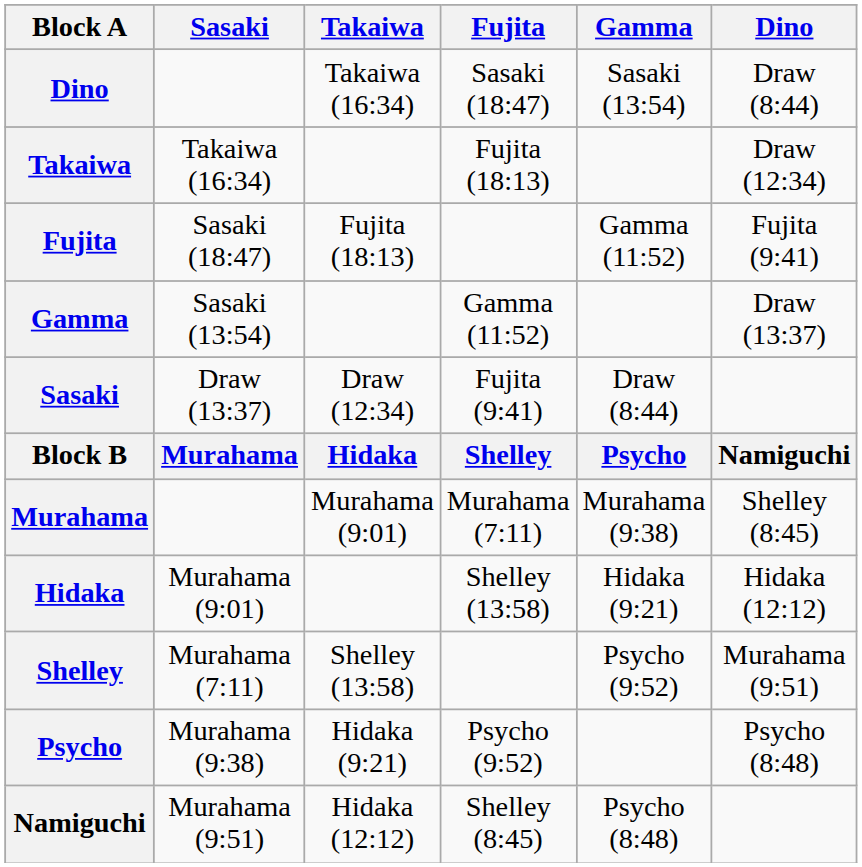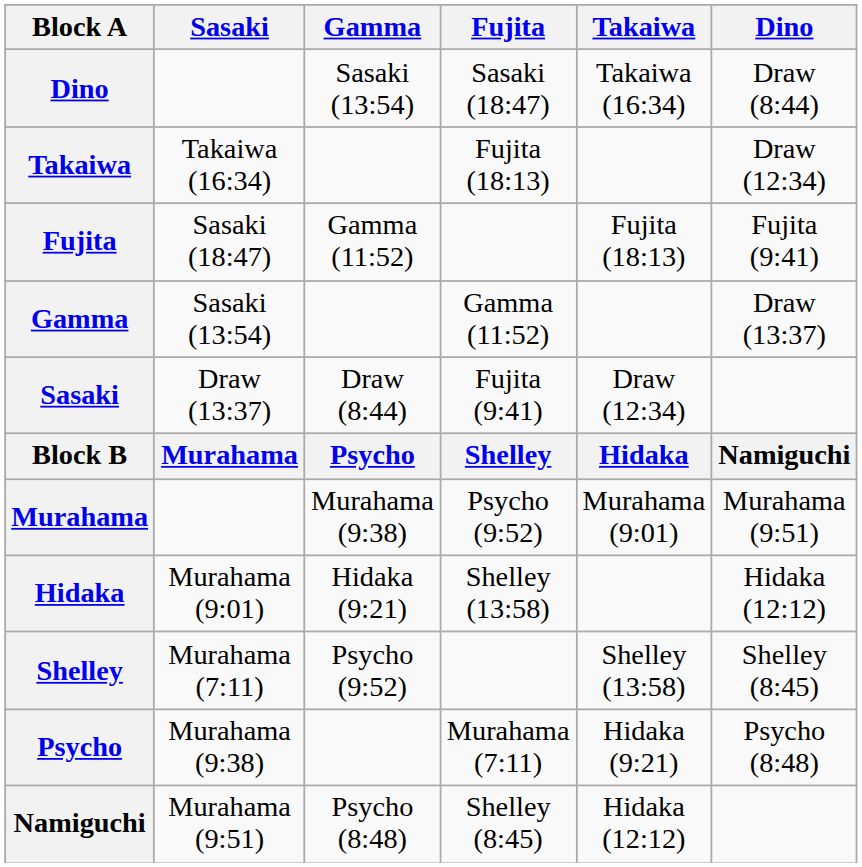 <table class="wikitable" style="margin: 1em auto 1em auto;text-align:center">
 <tr>
 <th>Block A</th>
 <th><a href='#'>Sasaki</a></th>
+<th><a href='#'>Gamma</a></th>
+<th><a href='#'>Fujita</a></th>
 <th><a href='#'>Takaiwa</a></th>
-<th><a href='#'>Fujita</a></th>
-<th><a href='#'>Gamma</a></th>
 <th><a href='#'>Dino</a></th>
 </tr>
 <tr>
 <th><a href='#'>Dino</a></th>
 <td></td>
+<td>Sasaki<br>(13:54)</td>
+<td>Sasaki<br>(18:47)</td>
 <td>Takaiwa<br>(16:34)</td>
-<td>Sasaki<br>(18:47)</td>
-<td>Sasaki<br>(13:54)</td>
 <td>Draw<br>(8:44)</td>
 </tr>
 <tr>
 <th><a href='#'>Takaiwa</a></th>
 <td>Takaiwa<br>(16:34)</td>
 <td></td>
 <td>Fujita<br>(18:13)</td>
 <td></td>
 <td>Draw<br>(12:34)</td>
 </tr>
 <tr>
 <th><a href='#'>Fujita</a></th>
 <td>Sasaki<br>(18:47)</td>
+<td>Gamma<br>(11:52)</td>
+<td></td>
 <td>Fujita<br>(18:13)</td>
-<td></td>
-<td>Gamma<br>(11:52)</td>
 <td>Fujita<br>(9:41)</td>
 </tr>
 <tr>
 <th><a href='#'>Gamma</a></th>
 <td>Sasaki<br>(13:54)</td>
 <td></td>
 <td>Gamma<br>(11:52)</td>
 <td></td>
 <td>Draw<br>(13:37)</td>
 </tr>
 <tr>
 <th><a href='#'>Sasaki</a></th>
 <td>Draw<br>(13:37)</td>
+<td>Draw<br>(8:44)</td>
+<td>Fujita<br>(9:41)</td>
 <td>Draw<br>(12:34)</td>
-<td>Fujita<br>(9:41)</td>
-<td>Draw<br>(8:44)</td>
 <td></td>
 </tr>
 <tr>
 <th>Block B</th>
 <th><a href='#'>Murahama</a></th>
+<th><a href='#'>Psycho</a></th>
+<th><a href='#'>Shelley</a></th>
 <th><a href='#'>Hidaka</a></th>
-<th><a href='#'>Shelley</a></th>
-<th><a href='#'>Psycho</a></th>
 <th>Namiguchi</th>
 </tr>
 <tr>
 <th><a href='#'>Murahama</a></th>
 <td></td>
+<td>Murahama<br>(9:38)</td>
+<td>Psycho<br>(9:52)</td>
 <td>Murahama<br>(9:01)</td>
-<td>Murahama<br>(7:11)</td>
-<td>Murahama<br>(9:38)</td>
-<td>Shelley<br>(8:45)</td>
+<td>Murahama<br>(9:51)</td>
 </tr>
 <tr>
 <th><a href='#'>Hidaka</a></th>
 <td>Murahama<br>(9:01)</td>
+<td>Hidaka<br>(9:21)</td>
+<td>Shelley<br>(13:58)</td>
 <td></td>
-<td>Shelley<br>(13:58)</td>
-<td>Hidaka<br>(9:21)</td>
 <td>Hidaka<br>(12:12)</td>
 </tr>
 <tr>
 <th><a href='#'>Shelley</a></th>
 <td>Murahama<br>(7:11)</td>
+<td>Psycho<br>(9:52)</td>
+<td></td>
 <td>Shelley<br>(13:58)</td>
-<td></td>
-<td>Psycho<br>(9:52)</td>
-<td>Murahama<br>(9:51)</td>
+<td>Shelley<br>(8:45)</td>
 </tr>
 <tr>
 <th><a href='#'>Psycho</a></th>
 <td>Murahama<br>(9:38)</td>
+<td></td>
+<td>Murahama<br>(7:11)</td>
 <td>Hidaka<br>(9:21)</td>
-<td>Psycho<br>(9:52)</td>
-<td></td>
 <td>Psycho<br>(8:48)</td>
 </tr>
 <tr>
 <th>Namiguchi</th>
 <td>Murahama<br>(9:51)</td>
+<td>Psycho<br>(8:48)</td>
+<td>Shelley<br>(8:45)</td>
 <td>Hidaka<br>(12:12)</td>
-<td>Shelley<br>(8:45)</td>
-<td>Psycho<br>(8:48)</td>
 <td></td>
 </tr>
 </table>
